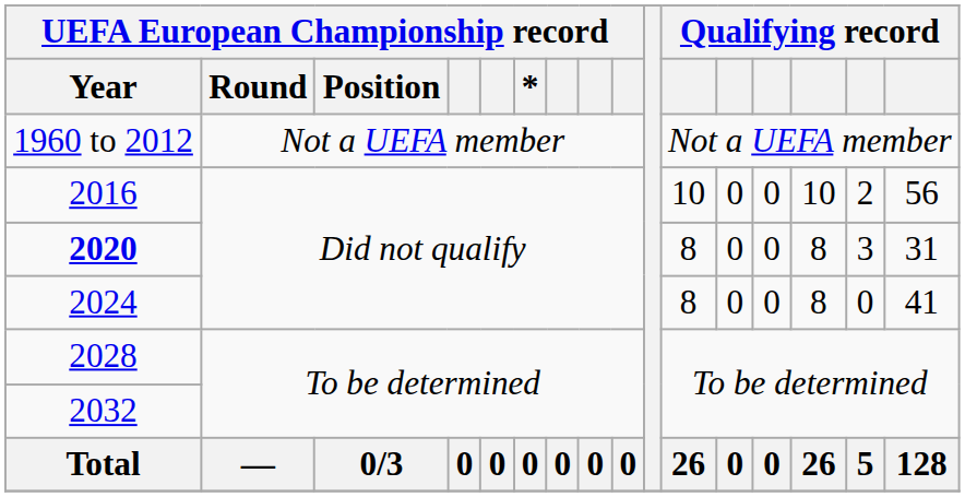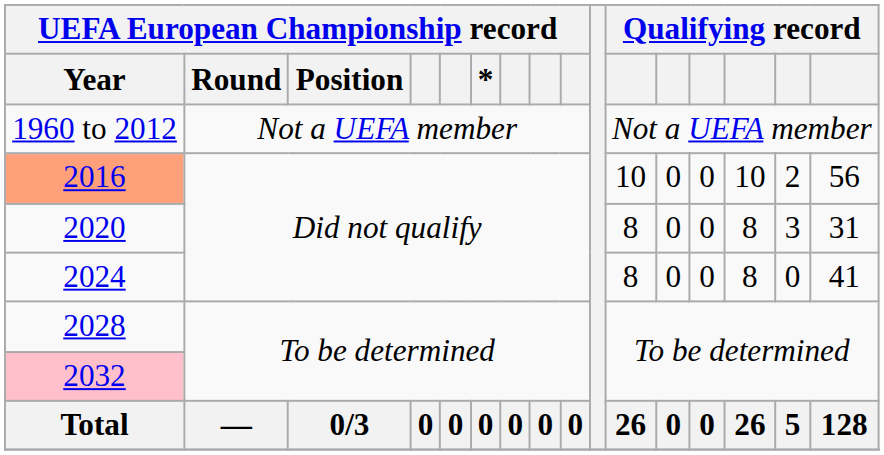 <table class="wikitable" style="text-align: center;">
 <tr>
 <th colspan=9><a href='#'>UEFA European Championship</a> record</th>
 <th rowspan=9></th>
 <th colspan=9><a href='#'>Qualifying</a> record</th>
 </tr>
 <tr>
 <th>Year</th>
 <th>Round</th>
 <th>Position</th>
 <th></th>
 <th></th>
 <th>*</th>
 <th></th>
 <th></th>
 <th></th>
 <th></th>
 <th></th>
 <th></th>
 <th></th>
 <th></th>
 <th></th>
 </tr>
 <tr>
 <td><a href='#'>1960</a> to <a href='#'>2012</a></td>
 <td colspan=8><em>Not a <a href='#'>UEFA</a> member</em></td>
 <td colspan=8><em>Not a <a href='#'>UEFA</a> member</em></td>
 </tr>
 <tr>
-<td> <a href='#'>2016</a></td>
+<td style="background: lightsalmon;"> <a href='#'>2016</a></td>
 <td colspan=8 rowspan="3"><em>Did not qualify</em></td>
 <td>10</td>
 <td>0</td>
 <td>0</td>
 <td>10</td>
 <td>2</td>
 <td>56</td>
 </tr>
 <tr>
-<td><strong> <a href='#'>2020</a></strong></td>
+<td> <a href='#'>2020</a></td>
 <td>8</td>
 <td>0</td>
 <td>0</td>
 <td>8</td>
 <td>3</td>
 <td>31</td>
 </tr>
 <tr>
 <td> <a href='#'>2024</a></td>
 <td>8</td>
 <td>0</td>
 <td>0</td>
 <td>8</td>
 <td>0</td>
 <td>41</td>
 </tr>
 <tr>
 <td>  <a href='#'>2028</a></td>
 <td colspan=8 rowspan=2><em>To be determined</em></td>
 <td colspan=6 rowspan=2><em>To be determined</em></td>
 </tr>
 <tr>
-<td>  <a href='#'>2032</a></td>
+<td style="background: pink;">  <a href='#'>2032</a></td>
 </tr>
 <tr>
 <th>Total</th>
 <th>—</th>
 <th>0/3</th>
 <th>0</th>
 <th>0</th>
 <th>0</th>
 <th>0</th>
 <th>0</th>
 <th>0</th>
 <th>26</th>
 <th>0</th>
 <th>0</th>
 <th>26</th>
 <th>5</th>
 <th>128</th>
 </tr>
 <tr>
 </tr>
 </table>
